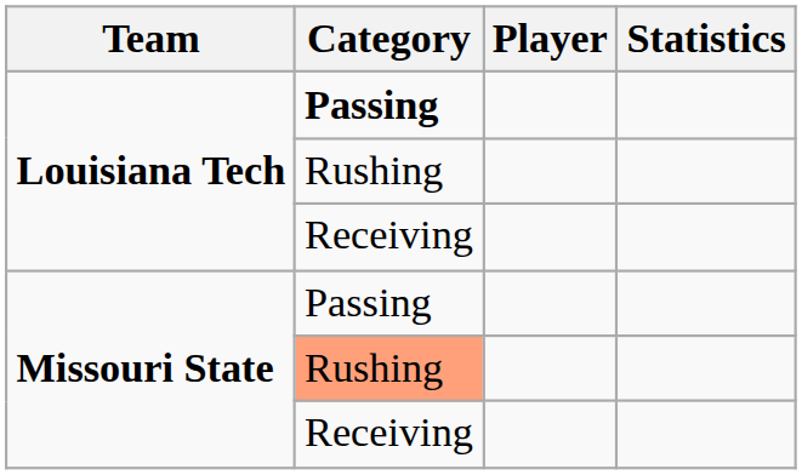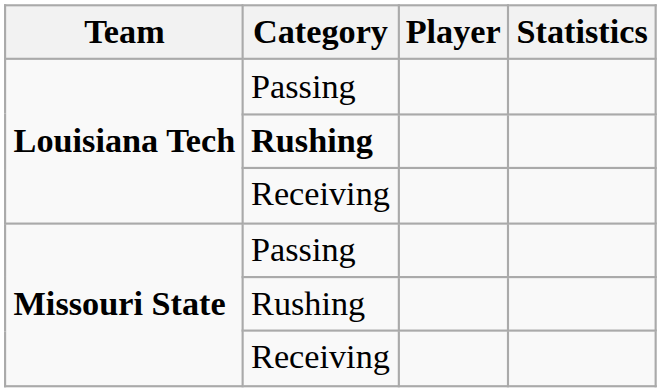 <table class="wikitable" style="float: right;">
 <tr>
 <th>Team</th>
 <th>Category</th>
 <th>Player</th>
 <th>Statistics</th>
 </tr>
 <tr>
 <td rowspan=3><strong>Louisiana Tech</strong></td>
-<td><strong>Passing</strong></td>
+<td>Passing</td>
 <td></td>
 <td></td>
 </tr>
 <tr>
-<td>Rushing</td>
+<td><strong>Rushing</strong></td>
 <td></td>
 <td></td>
 </tr>
 <tr>
 <td>Receiving</td>
 <td></td>
 <td></td>
 </tr>
 <tr>
 <td rowspan=3><strong>Missouri State</strong></td>
 <td>Passing</td>
 <td></td>
 <td></td>
 </tr>
 <tr>
-<td style="background: lightsalmon;">Rushing</td>
+<td>Rushing</td>
 <td></td>
 <td></td>
 </tr>
 <tr>
 <td>Receiving</td>
 <td></td>
 <td></td>
 </tr>
 </table>
